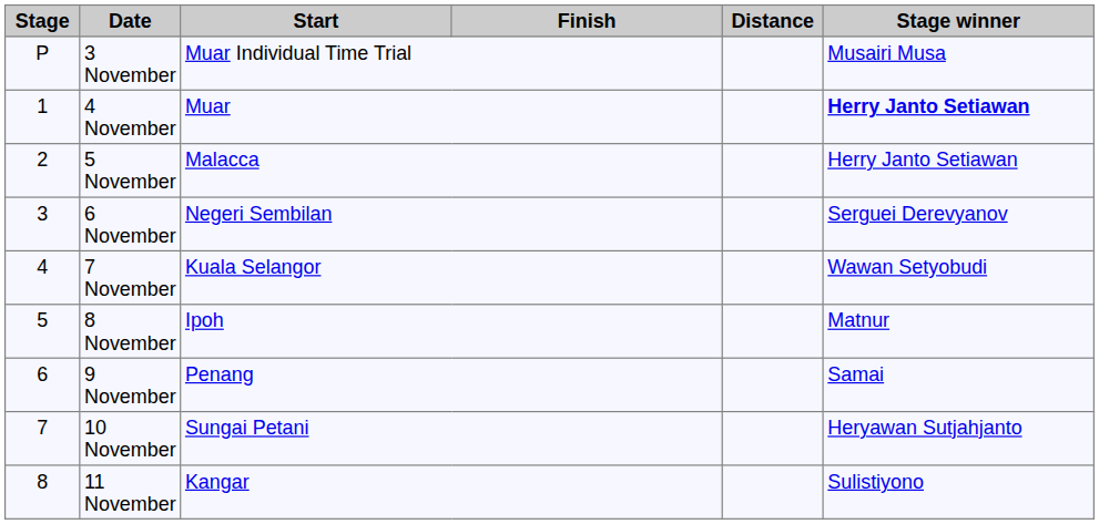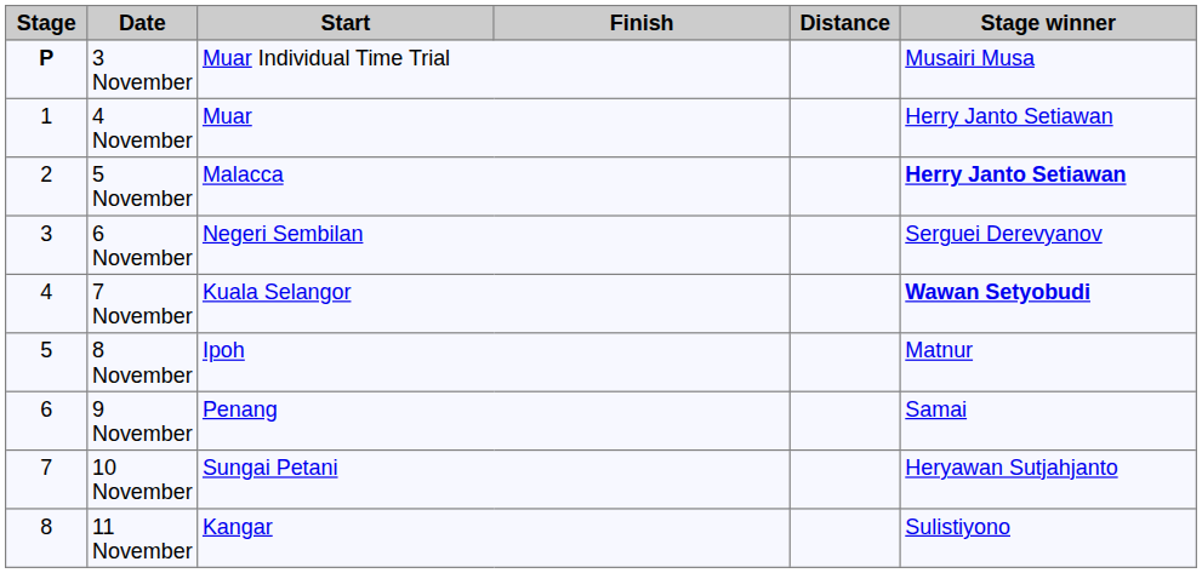 <table bgcolor="#f7f8ff" cellpadding="3" cellspacing="0" border="1" style="font-size: 95%; border: gray solid 1px; border-collapse: collapse;">
 <tr bgcolor="#CCCCCC">
 <td align="center" width="50"><strong>Stage</strong></td>
 <td align="center" width="60"><strong>Date</strong></td>
 <td align="center" width="200"><strong>Start</strong></td>
 <td align="center" width="200"><strong>Finish</strong></td>
 <td align="center" width="70"><strong>Distance</strong></td>
 <td align="center" width="200"><strong>Stage winner</strong></td>
 </tr>
 <tr valign=top>
-<td align=center>P</td>
+<td align=center><strong>P</strong></td>
 <td>3 November</td>
 <td colspan=2><a href='#'>Muar</a> Individual Time Trial</td>
 <td align=right></td>
 <td> <a href='#'>Musairi Musa</a></td>
 </tr>
 <tr valign=top>
 <td align=center>1</td>
 <td>4 November</td>
 <td colspan=2><a href='#'>Muar</a></td>
 <td align=right></td>
-<td><strong> <a href='#'>Herry Janto Setiawan</a></strong></td>
+<td> <a href='#'>Herry Janto Setiawan</a></td>
 </tr>
 <tr valign=top>
 <td align=center>2</td>
 <td>5 November</td>
 <td colspan=2><a href='#'>Malacca</a></td>
 <td align=right></td>
-<td> <a href='#'>Herry Janto Setiawan</a></td>
+<td><strong> <a href='#'>Herry Janto Setiawan</a></strong></td>
 </tr>
 <tr valign=top>
 <td align=center>3</td>
 <td>6 November</td>
 <td colspan=2><a href='#'>Negeri Sembilan</a></td>
 <td align=right></td>
 <td> <a href='#'>Serguei Derevyanov</a></td>
 </tr>
 <tr valign=top>
 <td align=center>4</td>
 <td>7 November</td>
 <td colspan=2><a href='#'>Kuala Selangor</a></td>
 <td align=right></td>
-<td> <a href='#'>Wawan Setyobudi</a></td>
+<td><strong> <a href='#'>Wawan Setyobudi</a></strong></td>
 </tr>
 <tr valign=top>
 <td align=center>5</td>
 <td>8 November</td>
 <td colspan=2><a href='#'>Ipoh</a></td>
 <td align=right></td>
 <td> <a href='#'>Matnur</a></td>
 </tr>
 <tr valign=top>
 <td align=center>6</td>
 <td>9 November</td>
 <td colspan=2><a href='#'>Penang</a></td>
 <td align=right></td>
 <td> <a href='#'>Samai</a></td>
 </tr>
 <tr valign=top>
 <td align=center>7</td>
 <td>10 November</td>
 <td colspan=2><a href='#'>Sungai Petani</a></td>
 <td align=right></td>
 <td> <a href='#'>Heryawan Sutjahjanto</a></td>
 </tr>
 <tr valign=top>
 <td align=center>8</td>
 <td>11 November</td>
 <td colspan=2><a href='#'>Kangar</a></td>
 <td align=right></td>
 <td> <a href='#'>Sulistiyono</a></td>
 </tr>
 </table>
